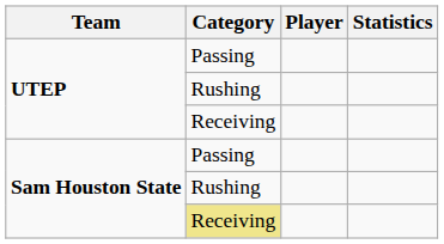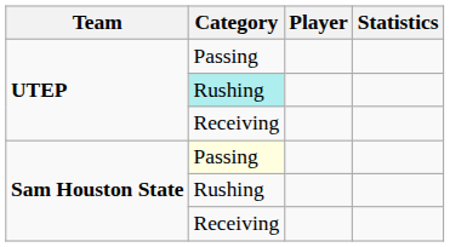 <table class="wikitable" style="float: right;">
 <tr>
 <th>Team</th>
 <th>Category</th>
 <th>Player</th>
 <th>Statistics</th>
 </tr>
 <tr>
 <td rowspan=3><strong>UTEP</strong></td>
 <td>Passing</td>
 <td></td>
 <td></td>
 </tr>
 <tr>
-<td>Rushing</td>
+<td style="background: paleturquoise;">Rushing</td>
 <td></td>
 <td></td>
 </tr>
 <tr>
 <td>Receiving</td>
 <td></td>
 <td></td>
 </tr>
 <tr>
 <td rowspan=3><strong>Sam Houston State</strong></td>
-<td>Passing</td>
+<td style="background: lightyellow;">Passing</td>
 <td></td>
 <td></td>
 </tr>
 <tr>
 <td>Rushing</td>
 <td></td>
 <td></td>
 </tr>
 <tr>
-<td style="background: khaki;">Receiving</td>
+<td>Receiving</td>
 <td></td>
 <td></td>
 </tr>
 </table>
